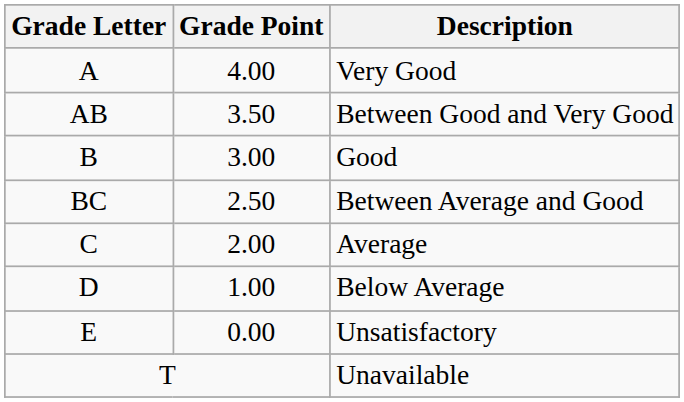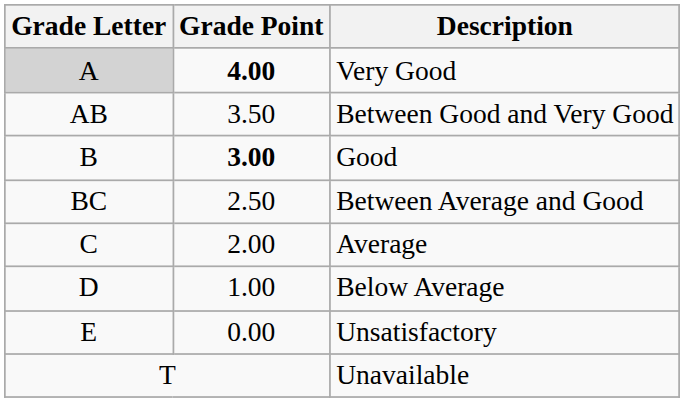 <table class="wikitable" style="text-align:center;">
 <tr>
 <th>Grade Letter</th>
 <th>Grade Point</th>
 <th>Description</th>
 </tr>
 <tr>
-<td>A</td>
-<td>4.00</td>
+<td style="background: lightgrey;">A</td>
+<td><strong>4.00</strong></td>
 <td style="text-align:left;">Very Good<br></td>
 </tr>
 <tr>
 <td>AB</td>
 <td>3.50</td>
 <td style="text-align:left;">Between Good and Very Good<br></td>
 </tr>
 <tr>
 <td>B</td>
-<td>3.00</td>
+<td><strong>3.00</strong></td>
 <td style="text-align:left;">Good<br></td>
 </tr>
 <tr>
 <td>BC</td>
 <td>2.50</td>
 <td style="text-align:left;">Between Average and Good<br></td>
 </tr>
 <tr>
 <td>C</td>
 <td>2.00</td>
 <td style="text-align:left;">Average<br></td>
 </tr>
 <tr>
 <td>D</td>
 <td>1.00</td>
 <td style="text-align:left;">Below Average<br></td>
 </tr>
 <tr>
 <td>E</td>
 <td>0.00</td>
 <td style="text-align:left;">Unsatisfactory<br></td>
 </tr>
 <tr>
 <td colspan=2>T</td>
 <td style="text-align:left;">Unavailable</td>
 </tr>
 </table>
